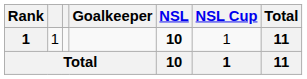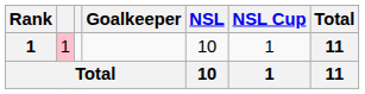 <table class="wikitable sortable" style="text-align:center">
 <tr>
 <th>Rank</th>
 <th></th>
 <th></th>
 <th>Goalkeeper</th>
 <th><a href='#'>NSL</a></th>
 <th><a href='#'>NSL Cup</a></th>
 <th>Total</th>
 </tr>
 <tr>
 <th>1</th>
-<td>1</td>
+<td style="background: pink;">1</td>
 <td></td>
 <td align="left"></td>
-<td><strong>10</strong></td>
+<td>10</td>
 <td>1</td>
 <th>11</th>
 </tr>
 <tr>
 <th colspan="4">Total</th>
 <th>10</th>
 <th>1</th>
 <th>11</th>
 </tr>
 </table>
